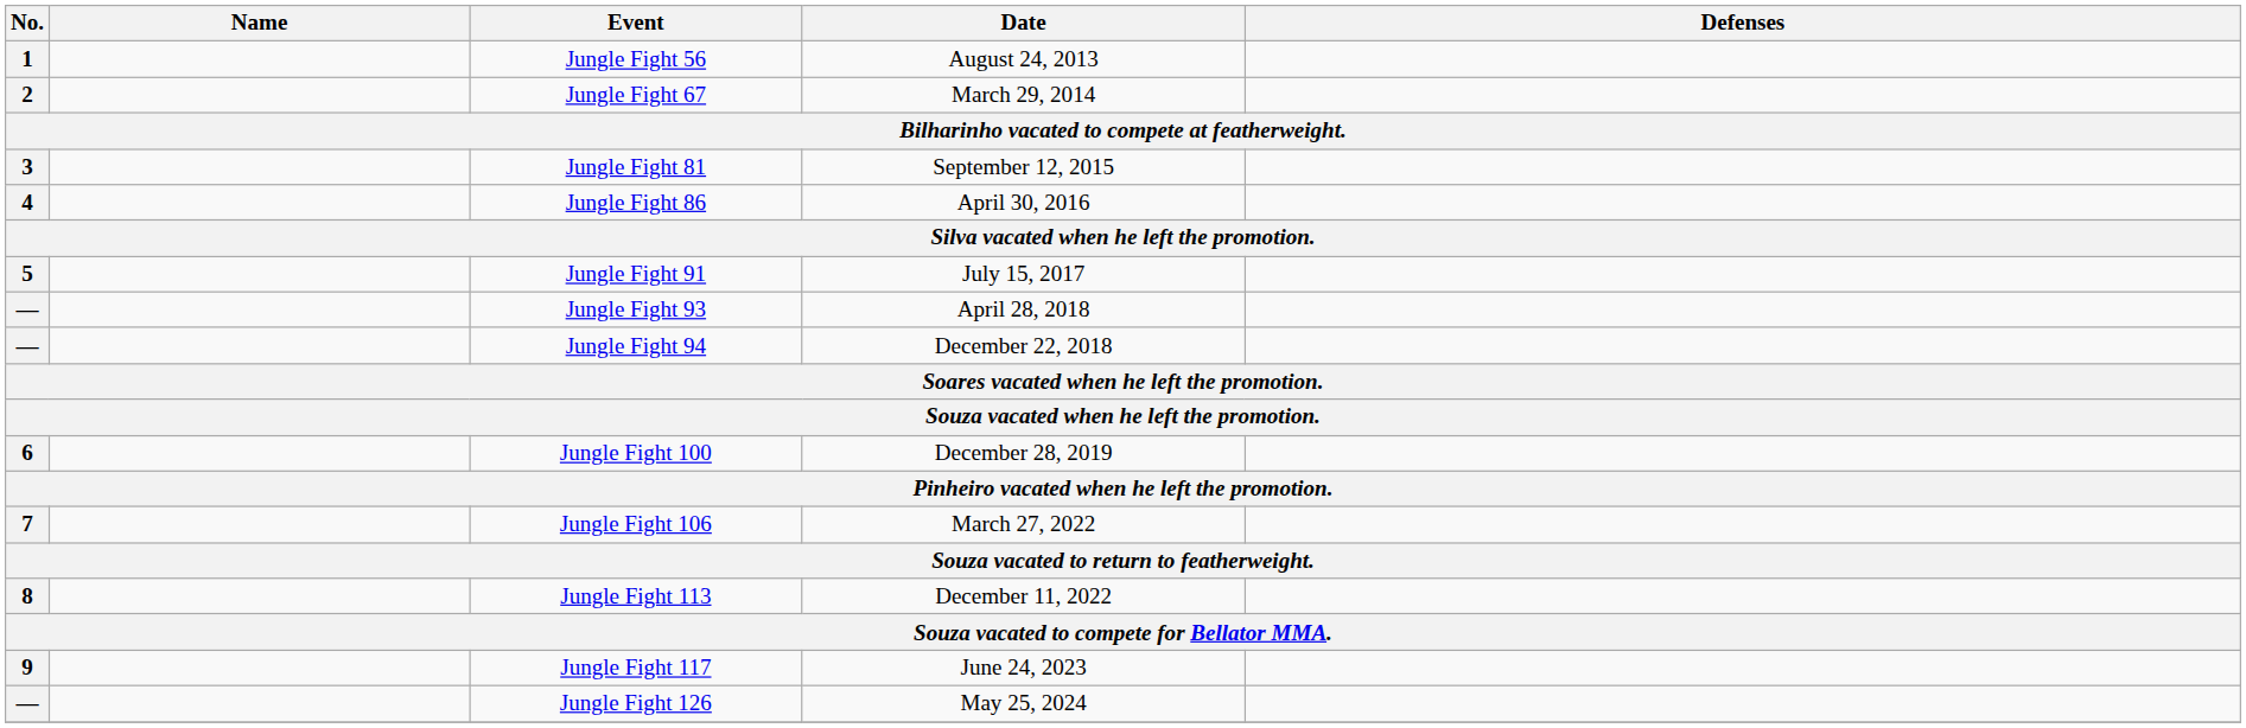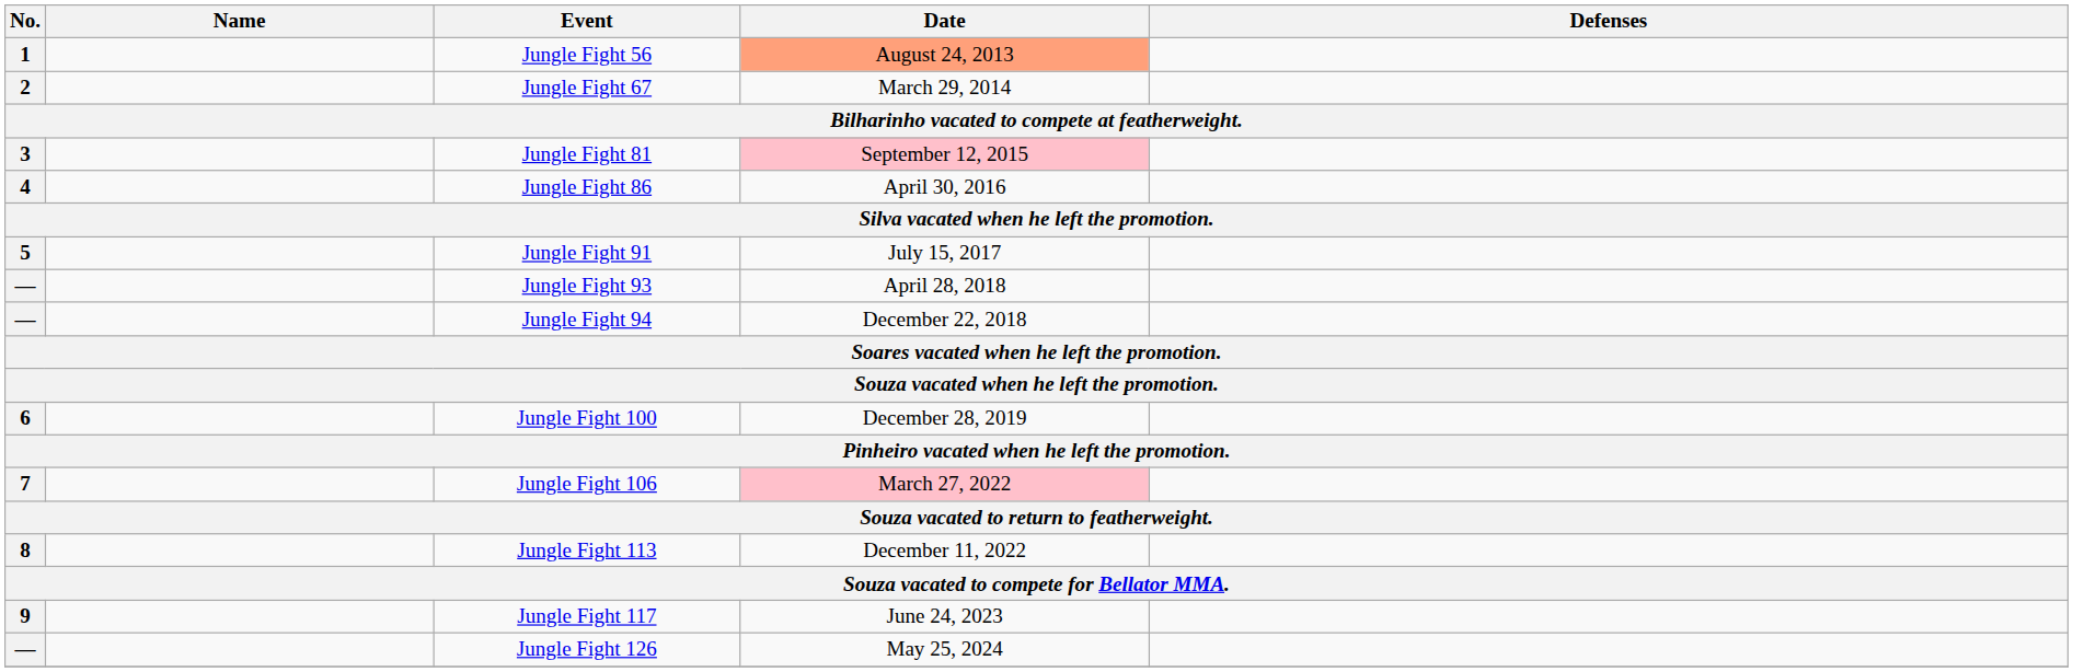 <table class="wikitable" width=100%>
 <tr>
 <th width=1%>No.</th>
 <th width=19%>Name</th>
 <th width=15%>Event</th>
 <th width=20%>Date</th>
 <th width=45%>Defenses</th>
 </tr>
 <tr>
 <th>1</th>
 <td align=left><br></td>
 <td align=center><a href='#'>Jungle Fight 56</a> <br></td>
-<td align=center>August 24, 2013</td>
+<td align=center style="background: lightsalmon;">August 24, 2013</td>
 <td></td>
 </tr>
 <tr>
 <th>2</th>
 <td align=left></td>
 <td align=center><a href='#'>Jungle Fight 67</a> <br></td>
 <td align=center>March 29, 2014</td>
 <td></td>
 </tr>
 <tr>
 <th colspan=6 align=center><em>Bilharinho vacated to compete at featherweight.</em></th>
 </tr>
 <tr>
 <th>3</th>
 <td align=left><br></td>
 <td align=center><a href='#'>Jungle Fight 81</a> <br></td>
-<td align=center>September 12, 2015</td>
+<td align=center style="background: pink;">September 12, 2015</td>
 <td></td>
 </tr>
 <tr>
 <th>4</th>
 <td align=left></td>
 <td align=center><a href='#'>Jungle Fight 86</a> <br></td>
 <td align=center>April 30, 2016</td>
 <td></td>
 </tr>
 <tr>
 <th colspan=6 align=center><em>Silva vacated when he left the promotion.</em></th>
 </tr>
 <tr>
 <th>5</th>
 <td align=left><br></td>
 <td align=center><a href='#'>Jungle Fight 91</a><br></td>
 <td align=center>July 15, 2017</td>
 <td></td>
 </tr>
 <tr>
 <th>—</th>
 <td align=left><br></td>
 <td align=center><a href='#'>Jungle Fight 93</a> <br></td>
 <td align=center>April 28, 2018</td>
 <td></td>
 </tr>
 <tr>
 <th>—</th>
 <td align=left><br></td>
 <td align=center><a href='#'>Jungle Fight 94</a> <br></td>
 <td align=center>December 22, 2018</td>
 <td></td>
 </tr>
 <tr>
 <th colspan=6 align=center><em>Soares vacated when he left the promotion.</em></th>
 </tr>
 <tr>
 <th colspan=6 align=center><em>Souza vacated when he left the promotion.</em></th>
 </tr>
 <tr>
 <th>6</th>
 <td align=left><br></td>
 <td align=center><a href='#'>Jungle Fight 100</a><br></td>
 <td align=center>December 28, 2019</td>
 <td></td>
 </tr>
 <tr>
 <th colspan=6 align=center><em>Pinheiro vacated when he left the promotion.</em></th>
 </tr>
 <tr>
 <th>7</th>
 <td align=left><br></td>
 <td align=center><a href='#'>Jungle Fight 106</a> <br></td>
-<td align=center>March 27, 2022</td>
+<td align=center style="background: pink;">March 27, 2022</td>
 <td></td>
 </tr>
 <tr>
 <th colspan=6 align=center><em>Souza vacated to return to featherweight.</em></th>
 </tr>
 <tr>
 <th>8</th>
 <td align=left><br></td>
 <td align=center><a href='#'>Jungle Fight 113</a> <br></td>
 <td align=center>December 11, 2022</td>
 <td></td>
 </tr>
 <tr>
 <th colspan=6 align=center><em>Souza vacated to compete for <a href='#'>Bellator MMA</a>.</em></th>
 </tr>
 <tr>
 <th>9</th>
 <td align=left><br></td>
 <td align=center><a href='#'>Jungle Fight 117</a> <br></td>
 <td align=center>June 24, 2023</td>
 <td></td>
 </tr>
 <tr>
 <th>—</th>
 <td align=left><br></td>
 <td align=center><a href='#'>Jungle Fight 126</a> <br></td>
 <td align=center>May 25, 2024</td>
 <td></td>
 </tr>
 <tr>
 </tr>
 </table>
